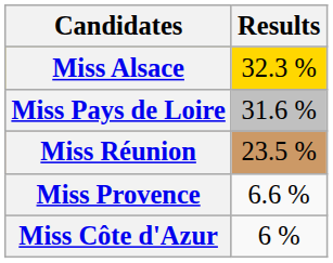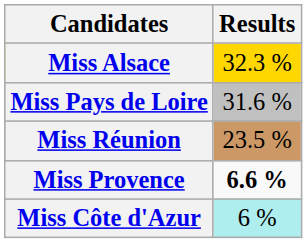 <table class="wikitable" style="text-align:center;">
 <tr>
 <th scope=col>Candidates</th>
 <th scope=col>Results</th>
 </tr>
 <tr bgcolor=gold>
 <th><a href='#'>Miss Alsace</a></th>
 <td>32.3 %</td>
 </tr>
 <tr bgcolor=silver>
 <th><a href='#'>Miss Pays de Loire</a></th>
 <td>31.6 %</td>
 </tr>
 <tr bgcolor=#cc9966>
 <th><a href='#'>Miss Réunion</a></th>
 <td>23.5 %</td>
 </tr>
 <tr>
 <th><a href='#'>Miss Provence</a></th>
-<td>6.6 %</td>
+<td><strong>6.6 %</strong></td>
 </tr>
 <tr>
 <th><a href='#'>Miss Côte d'Azur</a></th>
-<td>6 %</td>
+<td style="background: paleturquoise;">6 %</td>
 </tr>
 </table>
